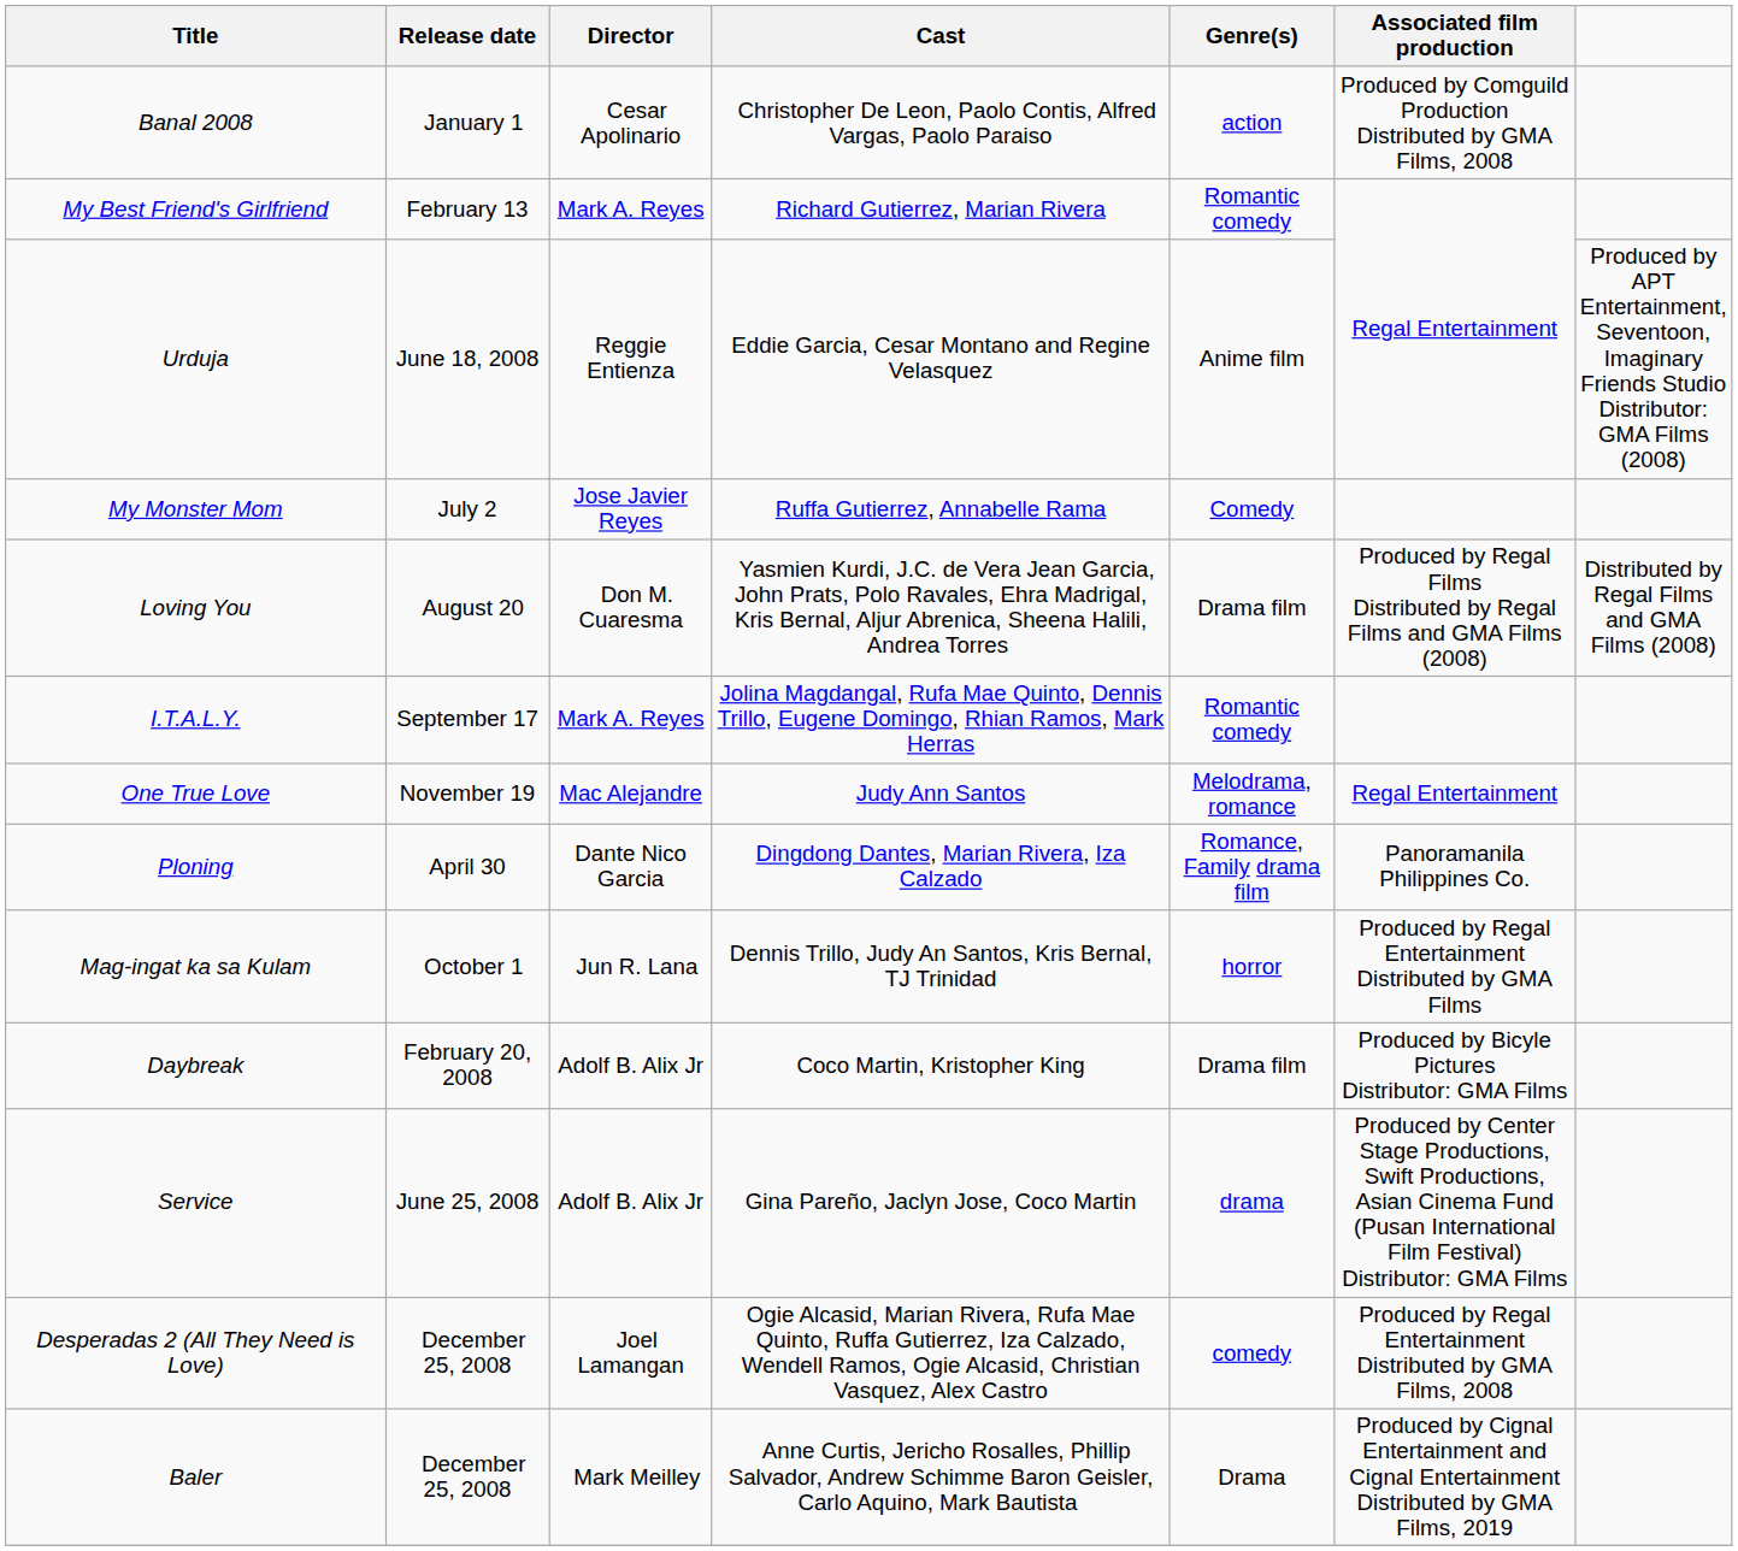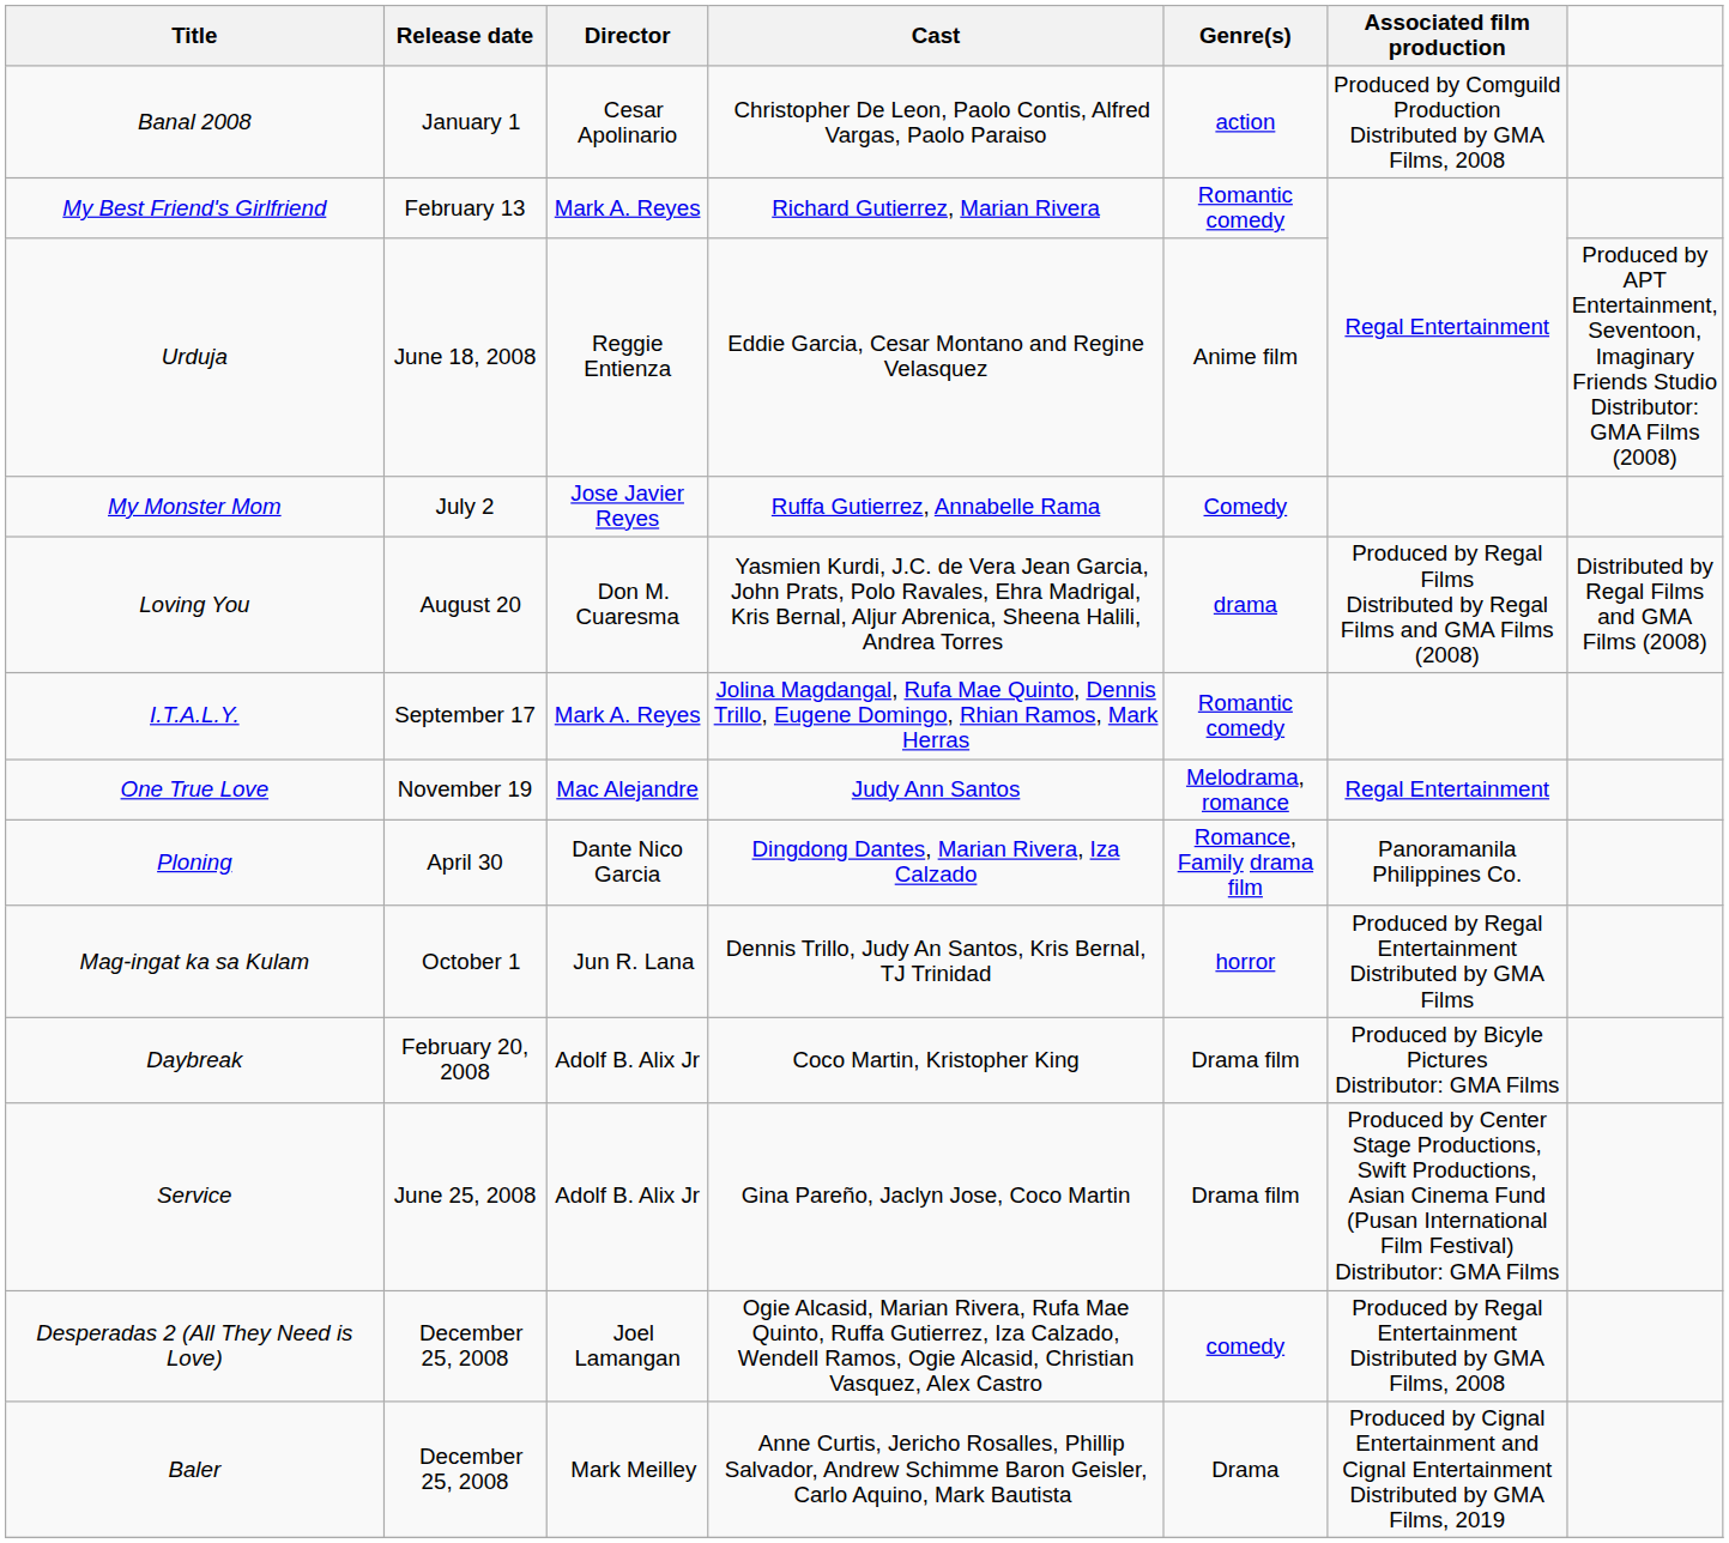 <table class="wikitable" "toccolours sortable" style="width:97%; text-align:center">
 <tr>
 <th style="width:25%;">Title</th>
 <th style="width:10%;">Release date</th>
 <th style="width:10%;">Director</th>
 <th style="width:30%;">Cast</th>
 <th style="width:10%;">Genre(s)</th>
 <th style="width:15%;">Associated film production</th>
 <td></td>
 </tr>
 <tr>
 <td><em>Banal 2008</em></td>
 <td>  January 1</td>
 <td>  Cesar Apolinario</td>
 <td>  Christopher De Leon, Paolo Contis, Alfred Vargas, Paolo Paraiso</td>
 <td><a href='#'>action</a></td>
 <td>Produced by Comguild Production<br>Distributed by GMA Films, 2008 </td>
 <td></td>
 </tr>
 <tr>
 <td><em><a href='#'>My Best Friend's Girlfriend</a></em></td>
 <td>February 13</td>
 <td><a href='#'>Mark A. Reyes</a></td>
 <td><a href='#'>Richard Gutierrez</a>, <a href='#'>Marian Rivera</a></td>
 <td><a href='#'>Romantic comedy</a></td>
 <td rowspan="2"><a href='#'>Regal Entertainment</a></td>
 <td></td>
 </tr>
 <tr>
 <td><em>Urduja</em></td>
 <td>June 18, 2008</td>
 <td>Reggie Entienza</td>
 <td>Eddie Garcia, Cesar Montano and Regine Velasquez</td>
 <td>Anime film</td>
 <td>Produced by APT Entertainment, Seventoon, Imaginary Friends Studio<br>Distributor:  GMA Films  (2008) </td>
 </tr>
 <tr>
 <td><em><a href='#'>My Monster Mom</a></em></td>
 <td>July 2</td>
 <td><a href='#'>Jose Javier Reyes</a></td>
 <td><a href='#'>Ruffa Gutierrez</a>, <a href='#'>Annabelle Rama</a></td>
 <td><a href='#'>Comedy</a></td>
 <td></td>
 <td></td>
 </tr>
 <tr>
 <td><em>Loving You</em></td>
 <td>  August 20</td>
 <td>  Don M. Cuaresma</td>
 <td>  Yasmien Kurdi, J.C. de Vera  Jean Garcia, John Prats, Polo Ravales, Ehra Madrigal, Kris Bernal, Aljur Abrenica, Sheena Halili, Andrea Torres </td>
-<td>Drama film</td>
+<td><a href='#'>drama</a></td>
 <td>Produced by Regal Films<br>Distributed by Regal  Films and GMA Films (2008) </td>
 <td>Distributed by Regal  Films and GMA Films (2008)<br></td>
 </tr>
 <tr>
 <td><em><a href='#'>I.T.A.L.Y.</a></em></td>
 <td>September 17</td>
 <td><a href='#'>Mark A. Reyes</a></td>
 <td><a href='#'>Jolina Magdangal</a>, <a href='#'>Rufa Mae Quinto</a>, <a href='#'>Dennis Trillo</a>, <a href='#'>Eugene Domingo</a>, <a href='#'>Rhian Ramos</a>, <a href='#'>Mark Herras</a></td>
 <td><a href='#'>Romantic comedy</a></td>
 <td></td>
 <td></td>
 </tr>
 <tr>
 <td><em><a href='#'>One True Love</a></em></td>
 <td>November 19</td>
 <td><a href='#'>Mac Alejandre</a></td>
 <td><a href='#'>Judy Ann Santos</a></td>
 <td><a href='#'>Melodrama</a>, <a href='#'>romance</a></td>
 <td><a href='#'>Regal Entertainment</a></td>
 <td></td>
 </tr>
 <tr>
 <td><em><a href='#'>Ploning</a></em></td>
 <td>April 30</td>
 <td>Dante Nico Garcia</td>
 <td><a href='#'>Dingdong Dantes</a>, <a href='#'>Marian Rivera</a>, <a href='#'>Iza Calzado</a></td>
 <td><a href='#'>Romance</a>, <a href='#'>Family</a> <a href='#'>drama film</a></td>
 <td>Panoramanila Philippines Co.</td>
 <td></td>
 </tr>
 <tr>
 <td><em>Mag-ingat ka sa Kulam</em></td>
 <td>  October 1</td>
 <td>  Jun R. Lana</td>
 <td>Dennis Trillo, Judy An Santos, Kris Bernal, TJ Trinidad</td>
 <td><a href='#'>horror</a></td>
 <td>Produced by Regal Entertainment<br>Distributed by GMA Films </td>
 <td></td>
 </tr>
 <tr>
 <td><em>Daybreak</em></td>
 <td>February 20, 2008</td>
 <td>Adolf B. Alix Jr</td>
 <td>Coco Martin, Kristopher King</td>
 <td>Drama film</td>
 <td>Produced by Bicyle Pictures<br>Distributor:  GMA Films</td>
 <td></td>
 </tr>
 <tr>
 <td><em>Service</em></td>
 <td>June 25, 2008</td>
 <td>Adolf B. Alix Jr</td>
 <td>Gina Pareño, Jaclyn Jose, Coco Martin</td>
-<td><a href='#'>drama</a></td>
+<td>Drama film</td>
 <td>Produced by Center Stage Productions, Swift Productions, Asian Cinema Fund (Pusan International Film Festival)<br>Distributor:  GMA Films</td>
 <td></td>
 </tr>
 <tr>
 <td><em>Desperadas 2 (All They Need is Love)</em></td>
 <td>  December 25, 2008</td>
 <td>  Joel Lamangan</td>
 <td>Ogie Alcasid, Marian Rivera, Rufa Mae Quinto, Ruffa Gutierrez, Iza Calzado, Wendell Ramos, Ogie Alcasid, Christian Vasquez, Alex Castro</td>
 <td><a href='#'>comedy</a></td>
 <td>Produced by Regal Entertainment<br>Distributed by GMA Films, 2008 </td>
 <td></td>
 </tr>
 <tr>
 <td><em>Baler</em></td>
 <td>  December 25, 2008</td>
 <td>  Mark Meilley</td>
 <td>  Anne Curtis, Jericho Rosalles, Phillip Salvador, Andrew Schimme Baron Geisler, Carlo Aquino,  Mark Bautista </td>
 <td>Drama</td>
 <td>Produced by Cignal Entertainment and Cignal Entertainment<br>Distributed by GMA Films, 2019 </td>
 <td></td>
 </tr>
 <tr>
 </tr>
 </table>
